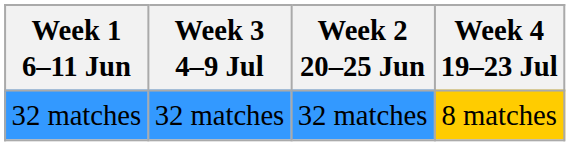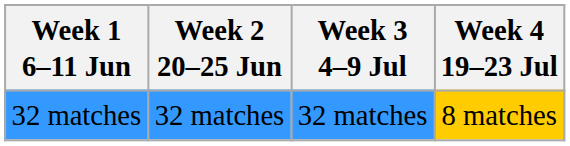 <table class="wikitable" style="margin:0.9em auto; font-size:90%; line-height:1.25em; width:800">
 <tr>
 <th>Week 1<br>6–11 Jun</th>
+<th>Week 2<br>20–25 Jun</th>
 <th>Week 3<br>4–9 Jul</th>
-<th>Week 2<br>20–25 Jun</th>
 <th>Week 4<br>19–23 Jul</th>
 </tr>
 <tr align="center">
 <td bgcolor=#3399ff>32 matches</td>
 <td bgcolor=#3399ff>32 matches</td>
 <td bgcolor=#3399ff>32 matches</td>
 <td bgcolor=#ffcc00>8 matches</td>
 </tr>
 </table>
